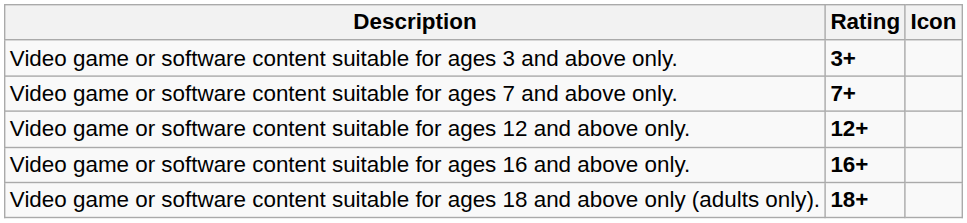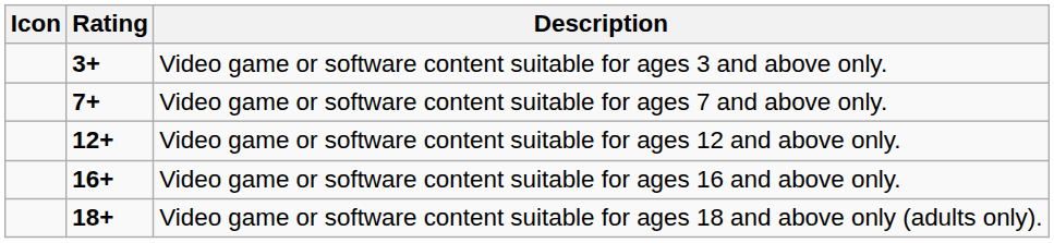 <table class="wikitable">
 <tr>
+<th>Icon</th>
+<th>Rating</th>
 <th>Description</th>
-<th>Rating</th>
-<th>Icon</th>
 </tr>
 <tr>
+<td></td>
+<td><strong>3+</strong></td>
 <td>Video game or software content suitable for ages 3 and above only.</td>
-<td><strong>3+</strong></td>
-<td></td>
 </tr>
 <tr>
+<td></td>
+<td><strong>7+</strong></td>
 <td>Video game or software content suitable for ages 7 and above only.</td>
-<td><strong>7+</strong></td>
-<td></td>
 </tr>
 <tr>
+<td></td>
+<td><strong>12+</strong></td>
 <td>Video game or software content suitable for ages 12 and above only.</td>
-<td><strong>12+</strong></td>
-<td></td>
 </tr>
 <tr>
+<td></td>
+<td><strong>16+</strong></td>
 <td>Video game or software content suitable for ages 16 and above only.</td>
-<td><strong>16+</strong></td>
-<td></td>
 </tr>
 <tr>
+<td></td>
+<td><strong>18+</strong></td>
 <td>Video game or software content suitable for ages 18 and above only (adults only).</td>
-<td><strong>18+</strong></td>
-<td></td>
 </tr>
 </table>
